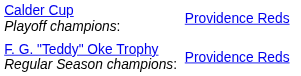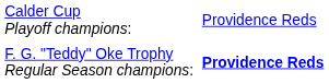 <table cellpadding="3" cellspacing="3">
 <tr>
 <td><a href='#'>Calder Cup</a><br><em>Playoff champions</em>:</td>
 <td><a href='#'>Providence Reds</a></td>
 </tr>
 <tr>
 <td><a href='#'>F. G. "Teddy" Oke Trophy</a><br><em>Regular Season champions</em>:</td>
-<td><a href='#'>Providence Reds</a></td>
+<td><strong><a href='#'>Providence Reds</a></strong></td>
 </tr>
 </table>
